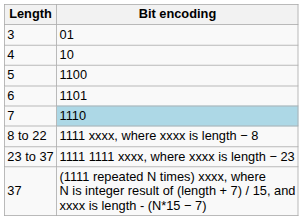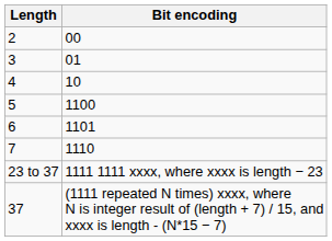 <table class="wikitable">
 <tr>
 <th>Length</th>
 <th>Bit encoding</th>
+</tr>
+<tr>
+<td>2</td>
+<td>00</td>
 </tr>
 <tr>
 <td>3</td>
 <td>01</td>
 </tr>
 <tr>
 <td>4</td>
 <td>10</td>
 </tr>
 <tr>
 <td>5</td>
 <td>1100</td>
 </tr>
 <tr>
 <td>6</td>
 <td>1101</td>
 </tr>
 <tr>
 <td>7</td>
-<td style="background: lightblue;">1110</td>
-</tr>
-<tr>
-<td>8 to 22</td>
-<td>1111 xxxx, where xxxx is length − 8</td>
+<td>1110</td>
 </tr>
 <tr>
 <td>23 to 37</td>
 <td>1111 1111 xxxx, where xxxx is length − 23</td>
 </tr>
 <tr>
 <td> 37</td>
 <td>(1111 repeated N times) xxxx, where<br>N is integer result of (length + 7) / 15, and <br>xxxx is length - (N*15 − 7)</td>
 </tr>
 </table>
